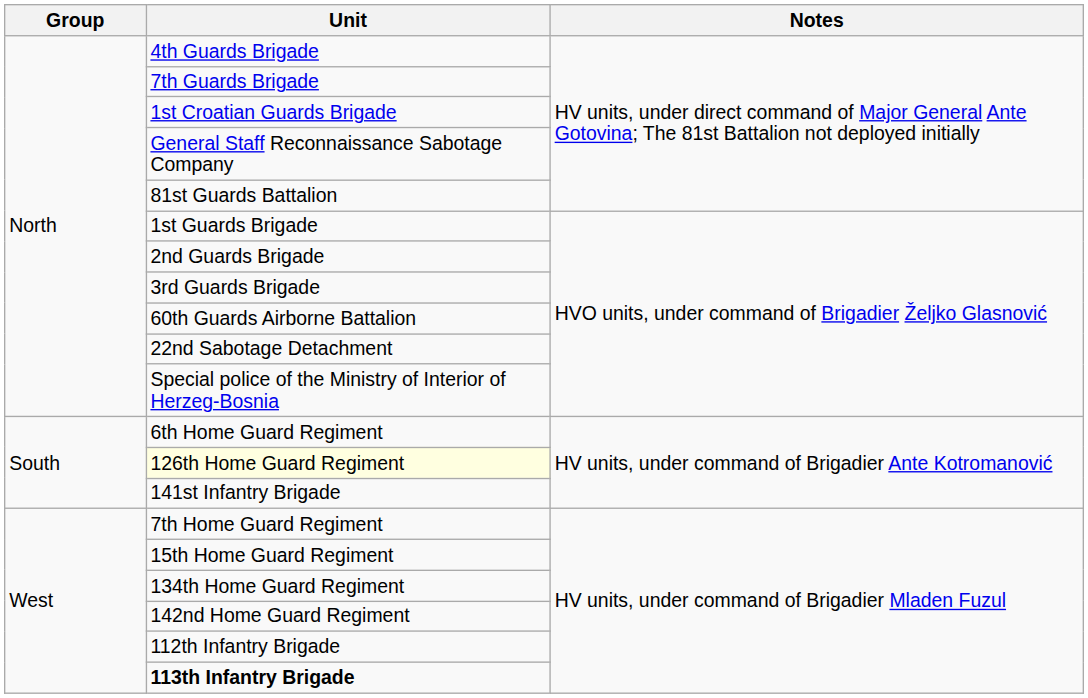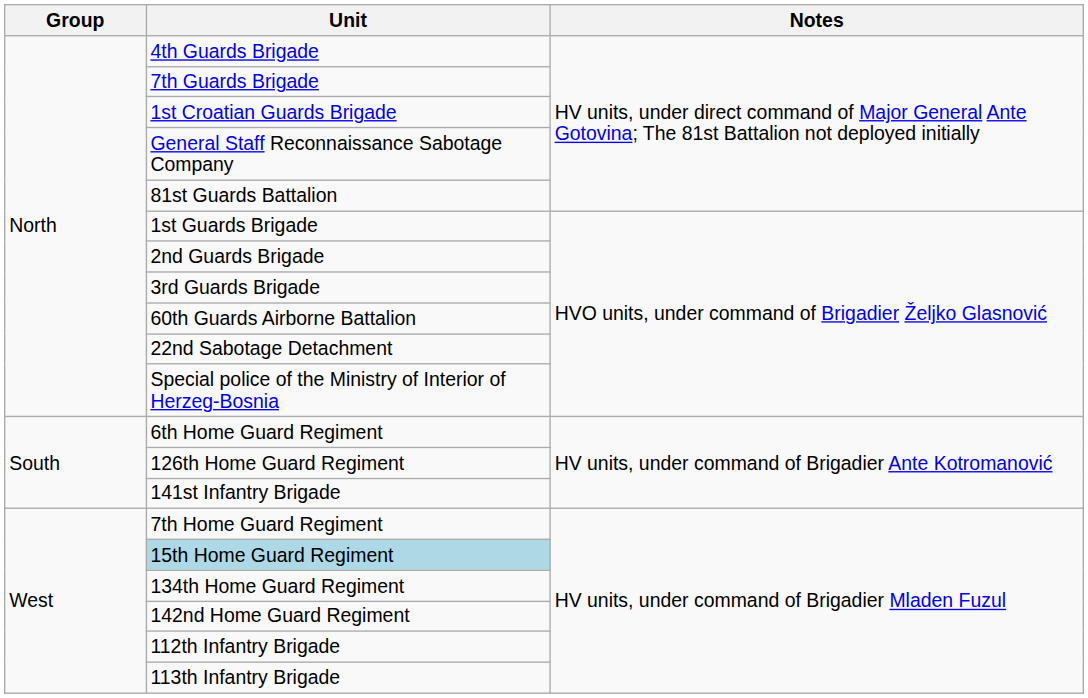 <table class="plainrowheaders wikitable collapsible collapsed" style="cellspacing=2px; text-align:left; font-size:90%;" width=800px>
 <tr style="font-size:100%; text-align:right;">
 <th style="width:100px;" scope="col">Group</th>
 <th style="width:300px;" scope="col">Unit</th>
 <th style="width:400px;" scope="col">Notes</th>
 </tr>
 <tr>
 <td rowspan=11>North</td>
 <td><a href='#'>4th Guards Brigade</a></td>
 <td rowspan=5>HV units, under direct command of <a href='#'>Major General</a> <a href='#'>Ante Gotovina</a>; The 81st Battalion not deployed initially</td>
 </tr>
 <tr>
 <td><a href='#'>7th Guards Brigade</a></td>
 </tr>
 <tr>
 <td><a href='#'>1st Croatian Guards Brigade</a></td>
 </tr>
 <tr>
 <td><a href='#'>General Staff</a> Reconnaissance Sabotage Company</td>
 </tr>
 <tr>
 <td>81st Guards Battalion</td>
 </tr>
 <tr>
 <td>1st Guards Brigade</td>
 <td rowspan=6>HVO units, under command of <a href='#'>Brigadier</a> <a href='#'>Željko Glasnović</a></td>
 </tr>
 <tr>
 <td>2nd Guards Brigade</td>
 </tr>
 <tr>
 <td>3rd Guards Brigade</td>
 </tr>
 <tr>
 <td>60th Guards Airborne Battalion</td>
 </tr>
 <tr>
 <td>22nd Sabotage Detachment</td>
 </tr>
 <tr>
 <td>Special police of the Ministry of Interior of <a href='#'>Herzeg-Bosnia</a></td>
 </tr>
 <tr>
 <td rowspan=3>South</td>
 <td>6th Home Guard Regiment</td>
 <td rowspan=3>HV units, under command of Brigadier <a href='#'>Ante Kotromanović</a></td>
 </tr>
 <tr>
-<td style="background: lightyellow;">126th Home Guard Regiment</td>
+<td>126th Home Guard Regiment</td>
 </tr>
 <tr>
 <td>141st Infantry Brigade</td>
 </tr>
 <tr>
 <td rowspan=6>West</td>
 <td>7th Home Guard Regiment</td>
 <td rowspan=6>HV units, under command of Brigadier <a href='#'>Mladen Fuzul</a></td>
 </tr>
 <tr>
-<td>15th Home Guard Regiment</td>
+<td style="background: lightblue;">15th Home Guard Regiment</td>
 </tr>
 <tr>
 <td>134th Home Guard Regiment</td>
 </tr>
 <tr>
 <td>142nd Home Guard Regiment</td>
 </tr>
 <tr>
 <td>112th Infantry Brigade</td>
 </tr>
 <tr>
-<td><strong>113th Infantry Brigade</strong></td>
+<td>113th Infantry Brigade</td>
 </tr>
 </table>
